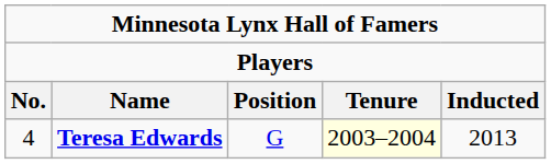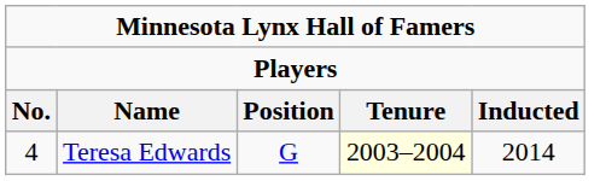 <table class="wikitable" style="text-align:center">
 <tr>
 <td colspan="5"><strong>Minnesota Lynx Hall of Famers</strong></td>
 </tr>
 <tr>
 <td colspan="5"><strong>Players</strong></td>
 </tr>
 <tr>
 <th>No.</th>
 <th>Name</th>
 <th>Position</th>
 <th>Tenure</th>
 <th>Inducted</th>
 </tr>
 <tr>
 <td>4</td>
-<td><strong><a href='#'>Teresa Edwards</a></strong></td>
+<td><a href='#'>Teresa Edwards</a></td>
 <td><a href='#'>G</a></td>
 <td style="background: lightyellow;">2003–2004</td>
-<td>2013</td>
+<td>2014</td>
 </tr>
 </table>
